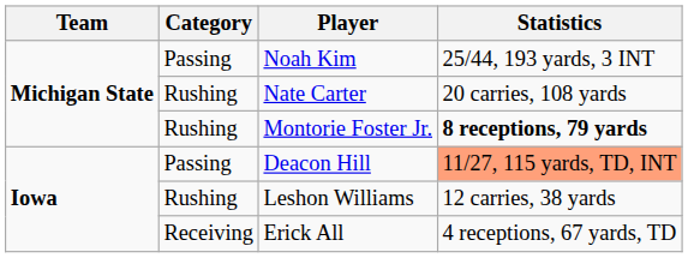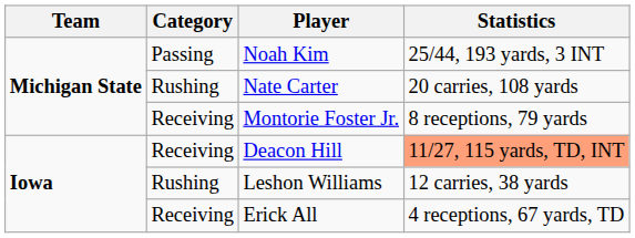 <table class="wikitable" style="float: left;">
 <tr>
 <th>Team</th>
 <th>Category</th>
 <th>Player</th>
 <th>Statistics</th>
 </tr>
 <tr>
 <td rowspan=3><strong>Michigan State</strong></td>
 <td>Passing</td>
 <td><a href='#'>Noah Kim</a></td>
 <td>25/44, 193 yards, 3 INT</td>
 </tr>
 <tr>
 <td>Rushing</td>
 <td><a href='#'>Nate Carter</a></td>
 <td>20 carries, 108 yards</td>
 </tr>
 <tr>
-<td>Rushing</td>
+<td>Receiving</td>
 <td><a href='#'>Montorie Foster Jr.</a></td>
-<td><strong>8 receptions, 79 yards</strong></td>
+<td>8 receptions, 79 yards</td>
 </tr>
 <tr>
 <td rowspan=3><strong>Iowa</strong></td>
-<td>Passing</td>
+<td>Receiving</td>
 <td><a href='#'>Deacon Hill</a></td>
 <td style="background: lightsalmon;">11/27, 115 yards, TD, INT</td>
 </tr>
 <tr>
 <td>Rushing</td>
 <td>Leshon Williams</td>
 <td>12 carries, 38 yards</td>
 </tr>
 <tr>
 <td>Receiving</td>
 <td>Erick All</td>
 <td>4 receptions, 67 yards, TD</td>
 </tr>
 </table>
